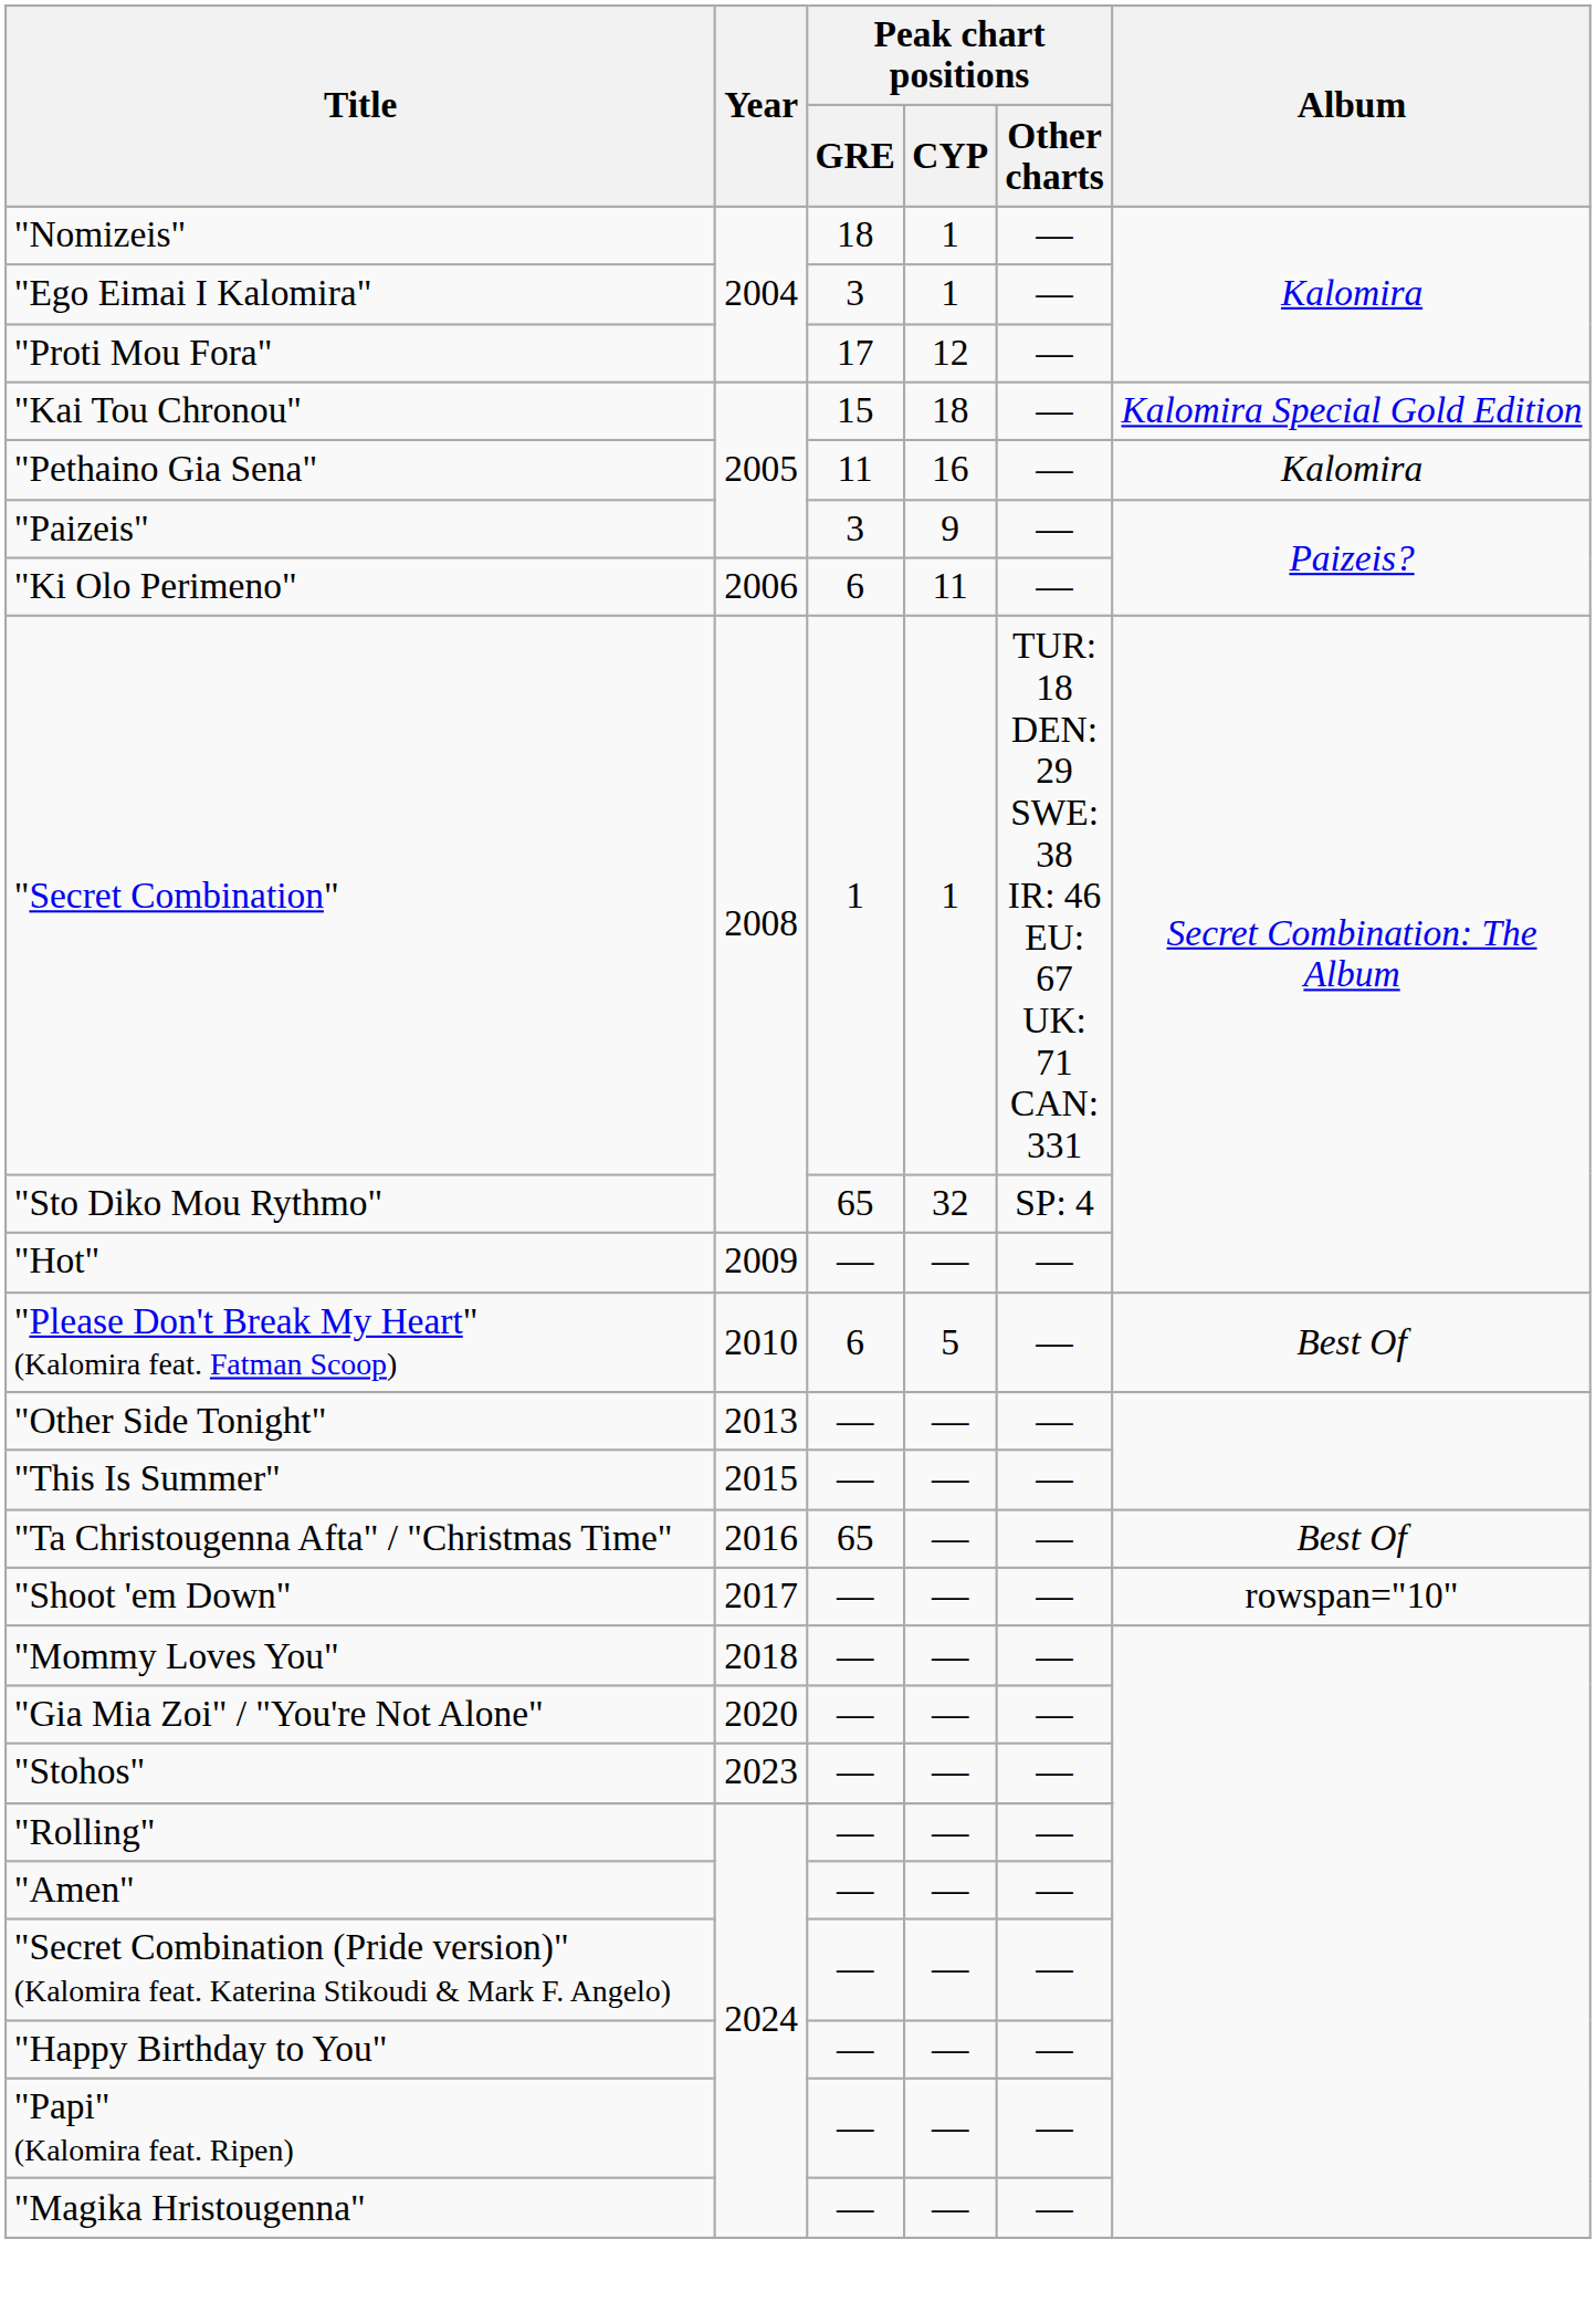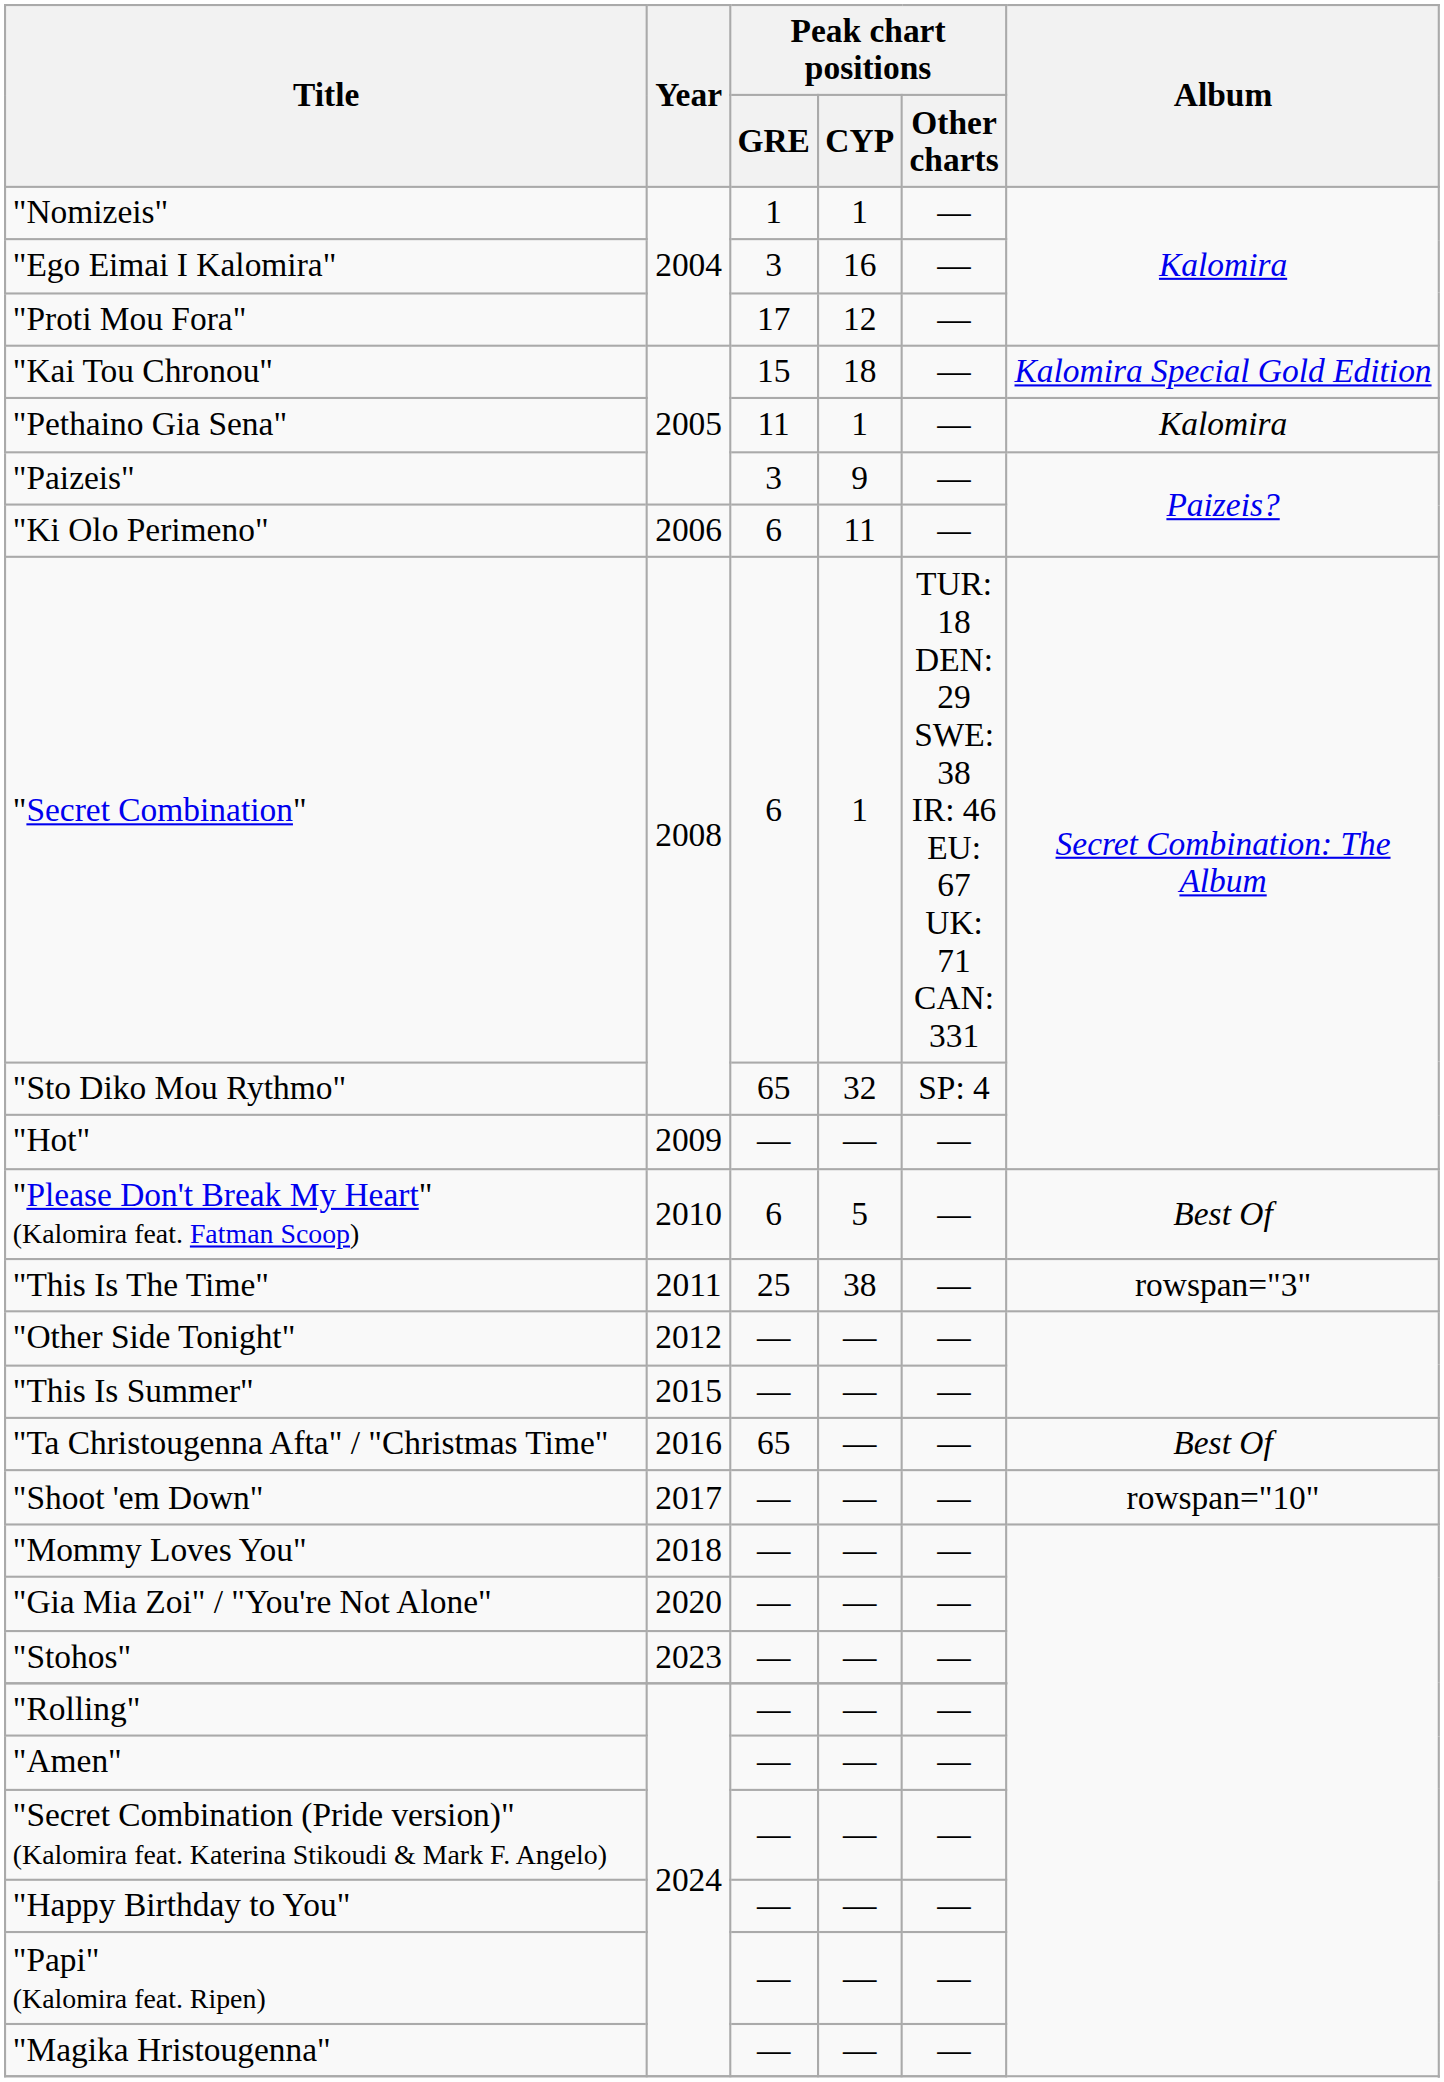 <table class="wikitable" style="text-align:center;">
 <tr>
 <th scope="col" rowspan="2" width=300>Title</th>
 <th scope="col" rowspan="2" width=10>Year</th>
 <th scope="col" colspan="3">Peak chart positions</th>
 <th scope="col" rowspan="2" width=200>Album</th>
 </tr>
 <tr>
 <th width="30">GRE</th>
 <th width="30">CYP</th>
 <th width="30" width=70>Other charts</th>
 </tr>
 <tr>
 <td align="left">"Nomizeis"</td>
 <td rowspan="3">2004</td>
-<td>18</td>
+<td>1</td>
 <td>1</td>
 <td>—</td>
 <td rowspan="3"><em><a href='#'>Kalomira</a></em></td>
 </tr>
 <tr>
 <td align="left">"Ego Eimai I Kalomira"</td>
 <td>3</td>
-<td>1</td>
+<td>16</td>
 <td>—</td>
 </tr>
 <tr>
 <td align="left">"Proti Mou Fora"</td>
 <td>17</td>
 <td>12</td>
 <td>—</td>
 </tr>
 <tr>
 <td align="left">"Kai Tou Chronou"</td>
 <td rowspan="3">2005</td>
 <td>15</td>
 <td>18</td>
 <td>—</td>
 <td rowspan="1"><em><a href='#'>Kalomira Special Gold Edition</a></em></td>
 </tr>
 <tr>
 <td align="left">"Pethaino Gia Sena"</td>
 <td>11</td>
-<td>16</td>
+<td>1</td>
 <td>—</td>
 <td rowspan="1"><em>Kalomira</em></td>
 </tr>
 <tr>
 <td align="left">"Paizeis"</td>
 <td>3</td>
 <td>9</td>
 <td>—</td>
 <td rowspan="2"><em><a href='#'>Paizeis?</a></em></td>
 </tr>
 <tr>
 <td align="left">"Ki Olo Perimeno"</td>
 <td rowspan="1">2006</td>
 <td>6</td>
 <td>11</td>
 <td>—</td>
 </tr>
 <tr>
 <td align="left">"<a href='#'>Secret Combination</a>"</td>
 <td rowspan="2">2008</td>
-<td>1</td>
+<td>6</td>
 <td>1</td>
 <td>TUR: 18 <br> DEN: 29 <br> SWE: 38 <br> IR: 46 <br> EU: 67 <br> UK: 71 <br> CAN: 331</td>
 <td rowspan="3"><em><a href='#'>Secret Combination: The Album</a></em></td>
 </tr>
 <tr>
 <td align="left">"Sto Diko Mou Rythmo"</td>
 <td>65</td>
 <td>32</td>
 <td>SP: 4</td>
 </tr>
 <tr>
 <td align="left">"Hot"</td>
 <td rowspan="1">2009</td>
 <td>—</td>
 <td>—</td>
 <td>—</td>
 </tr>
 <tr>
 <td align="left">"<a href='#'>Please Don't Break My Heart</a>"<br><small>(Kalomira feat. <a href='#'>Fatman Scoop</a>)</small></td>
 <td rowspan="1">2010</td>
 <td>6</td>
 <td>5</td>
 <td>—</td>
 <td><em>Best Of</em></td>
 </tr>
 <tr>
+<td align="left">"This Is The Time"</td>
+<td rowspan="1">2011</td>
+<td>25</td>
+<td>38</td>
+<td>—</td>
+<td>rowspan="3" </td>
+</tr>
+<tr>
 <td align="left">"Other Side Tonight"</td>
-<td>2013</td>
+<td>2012</td>
 <td>—</td>
 <td>—</td>
 <td>—</td>
 </tr>
 <tr>
 <td align="left">"This Is Summer"</td>
 <td rowspan="1">2015</td>
 <td>—</td>
 <td>—</td>
 <td>—</td>
 </tr>
 <tr>
 <td align="left">"Ta Christougenna Afta" / "Christmas Time"</td>
 <td rowspan="1">2016</td>
 <td>65</td>
 <td>—</td>
 <td>—</td>
 <td><em>Best Of</em></td>
 </tr>
 <tr>
 <td align="left">"Shoot 'em Down"</td>
 <td rowspan="1">2017</td>
 <td>—</td>
 <td>—</td>
 <td>—</td>
 <td>rowspan="10" </td>
 </tr>
 <tr>
 <td align="left">"Mommy Loves You"</td>
 <td rowspan="1">2018</td>
 <td>—</td>
 <td>—</td>
 <td>—</td>
 </tr>
 <tr>
 <td align="left">"Gia Mia Zoi" / "You're Not Alone"</td>
 <td>2020</td>
 <td>—</td>
 <td>—</td>
 <td>—</td>
 </tr>
 <tr>
 <td align="left">"Stohos"</td>
 <td rowspan="1">2023</td>
 <td>—</td>
 <td>—</td>
 <td>—</td>
 </tr>
 <tr>
 </tr>
 <tr>
 <td align="left">"Rolling"</td>
 <td rowspan="6">2024</td>
 <td>—</td>
 <td>—</td>
 <td>—</td>
 </tr>
 <tr>
 <td align="left">"Amen"</td>
 <td>—</td>
 <td>—</td>
 <td>—</td>
 </tr>
 <tr>
 <td align="left">"Secret Combination (Pride version)"<br><small>(Kalomira feat. Katerina Stikoudi & Mark F. Angelo)</small></td>
 <td>—</td>
 <td>—</td>
 <td>—</td>
 </tr>
 <tr>
 <td align="left">"Happy Birthday to You"</td>
 <td>—</td>
 <td>—</td>
 <td>—</td>
 </tr>
 <tr>
 <td align="left">"Papi"<br><small>(Kalomira feat. Ripen)</small></td>
 <td>—</td>
 <td>—</td>
 <td>—</td>
 </tr>
 <tr>
 <td align="left">"Magika Hristougenna"</td>
 <td>—</td>
 <td>—</td>
 <td>—</td>
 </tr>
 <tr>
 </tr>
 </table>
